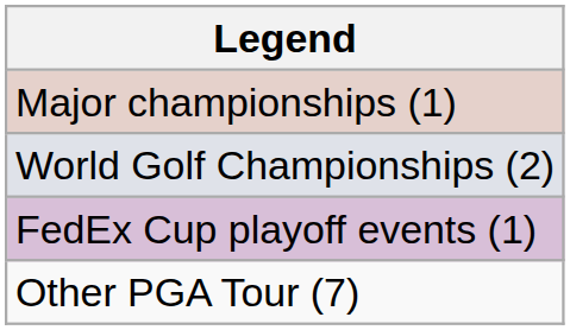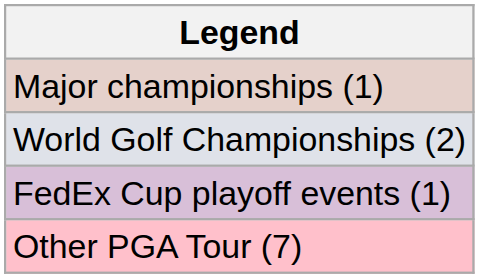 <table class="wikitable" style="font-size:95%;">
 <tr>
 <th>Legend</th>
 </tr>
 <tr style="background:#e5d1cb;">
 <td>Major championships (1)</td>
 </tr>
 <tr style="background:#dfe2e9;">
 <td>World Golf Championships (2)</td>
 </tr>
 <tr style="background:thistle;">
 <td>FedEx Cup playoff events (1)</td>
 </tr>
 <tr>
-<td>Other PGA Tour (7)</td>
+<td style="background: pink;">Other PGA Tour (7)</td>
 </tr>
 </table>
